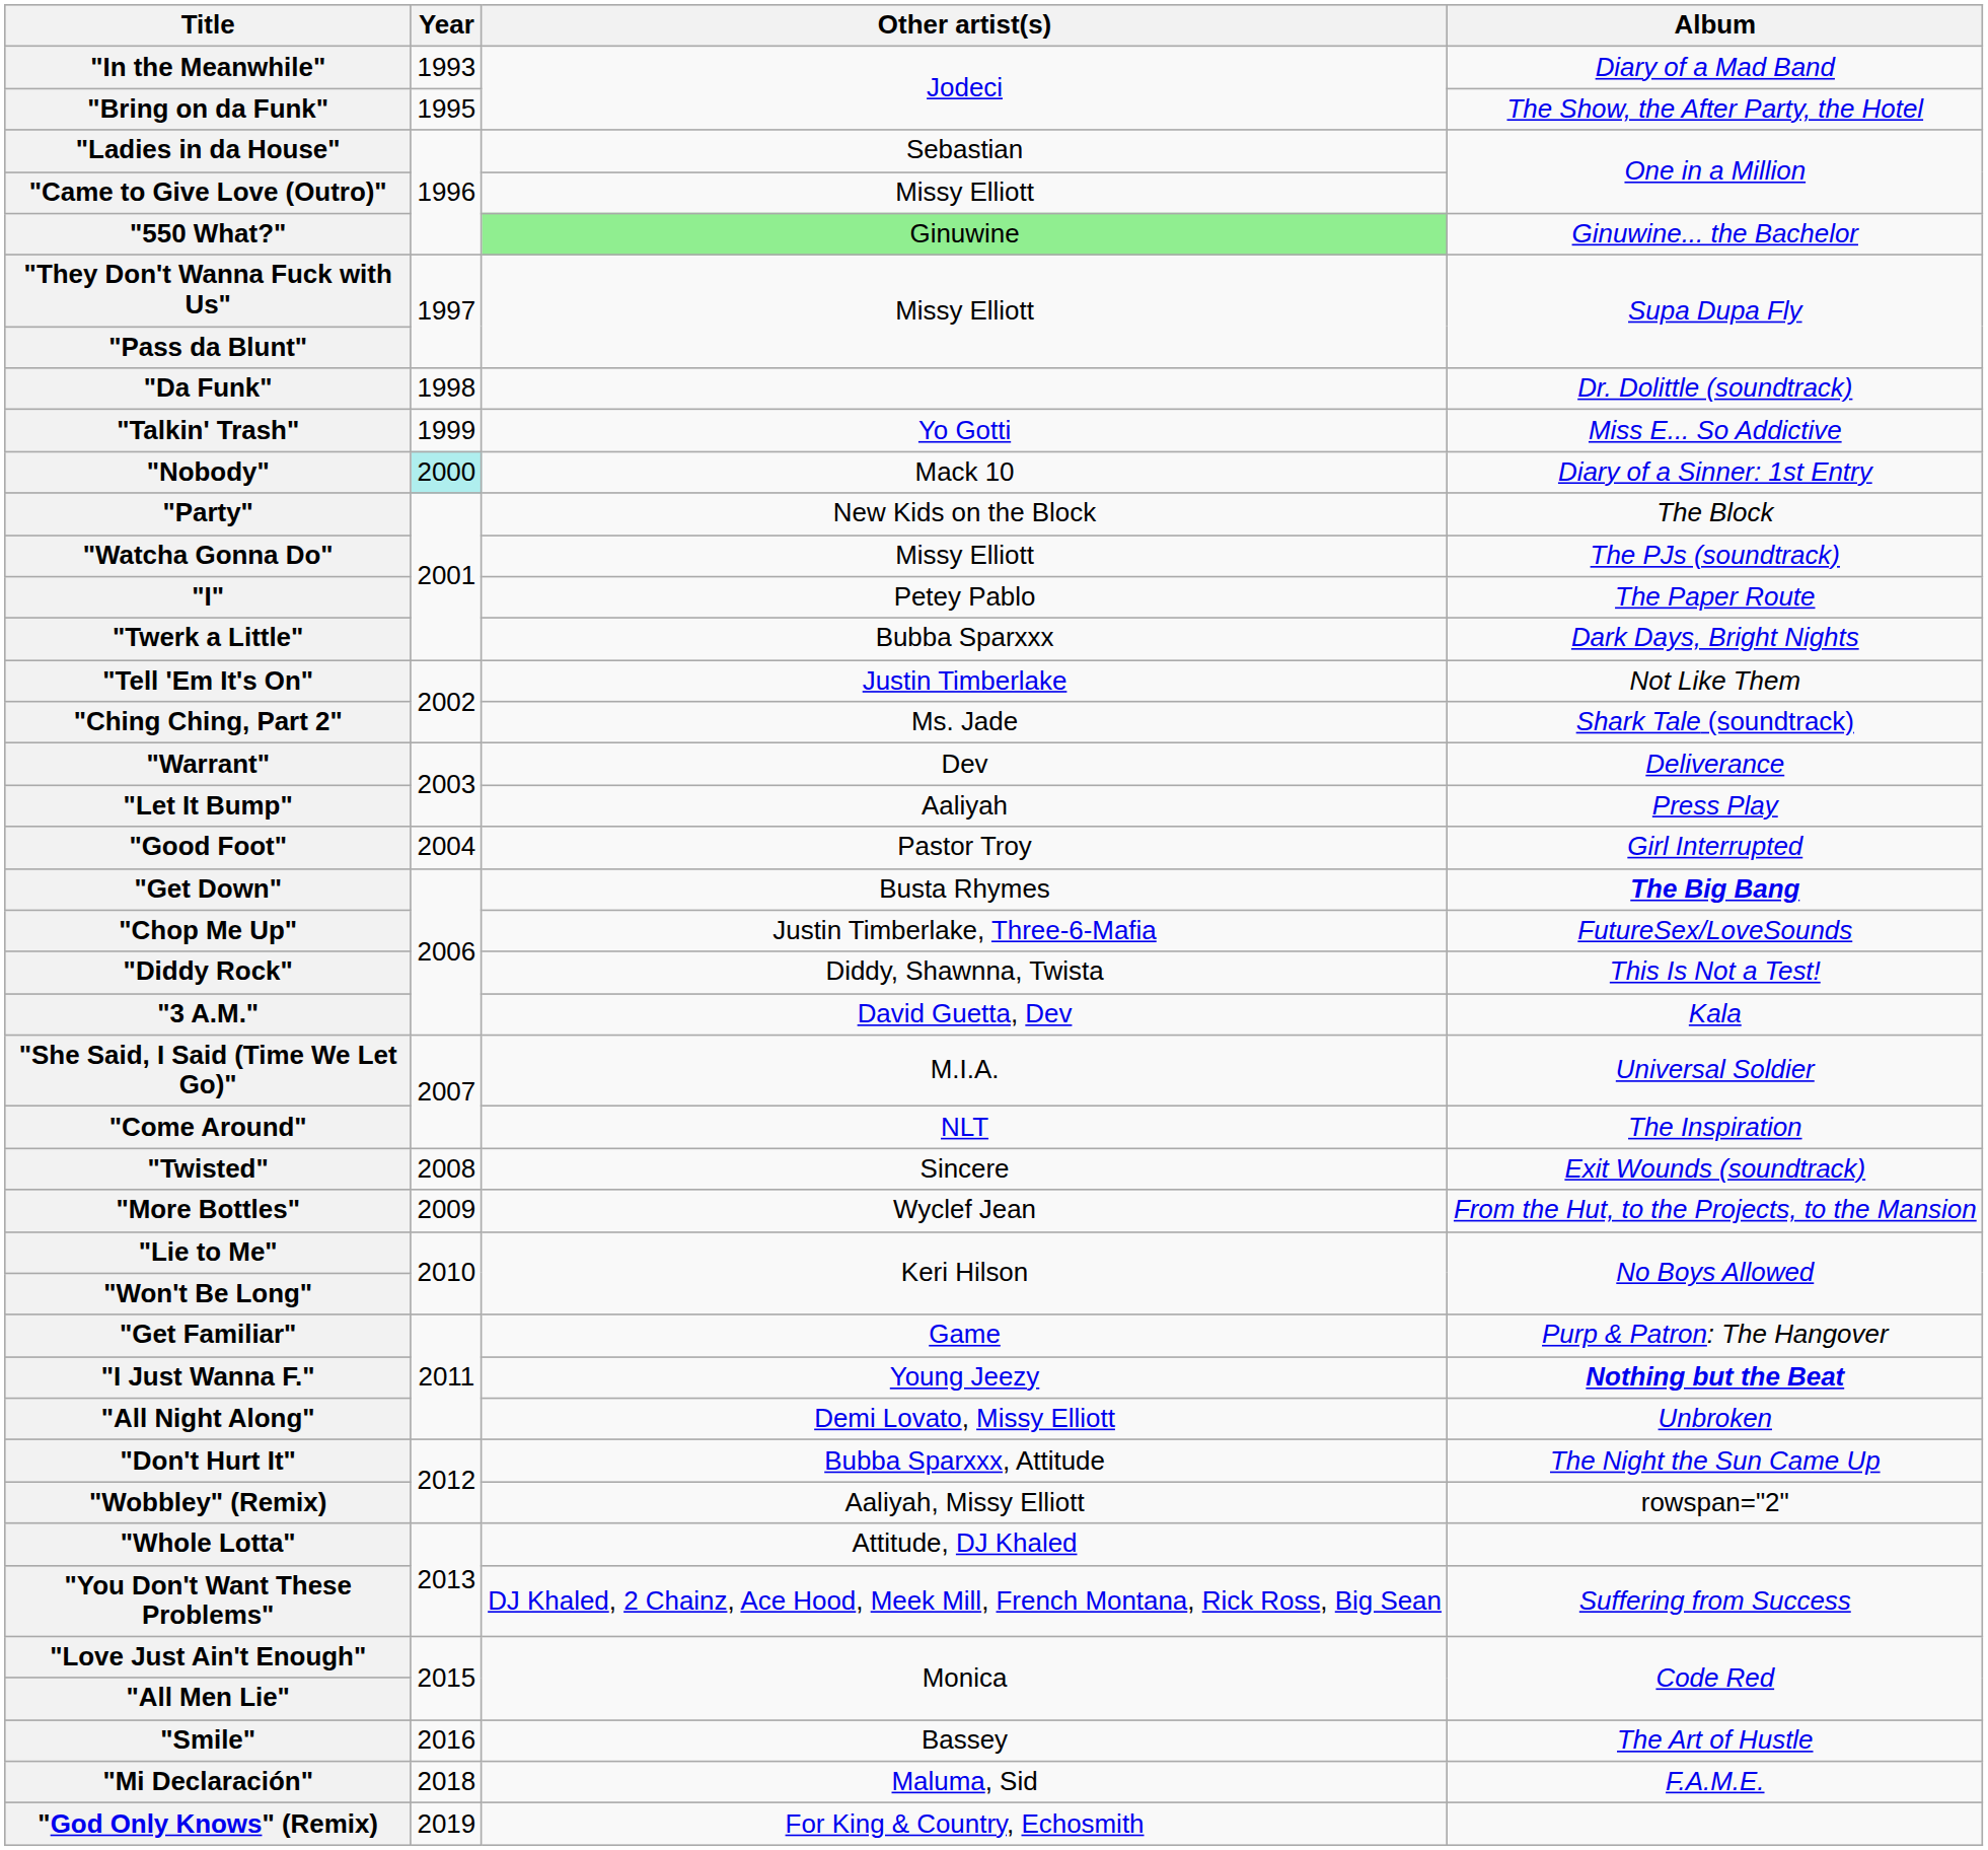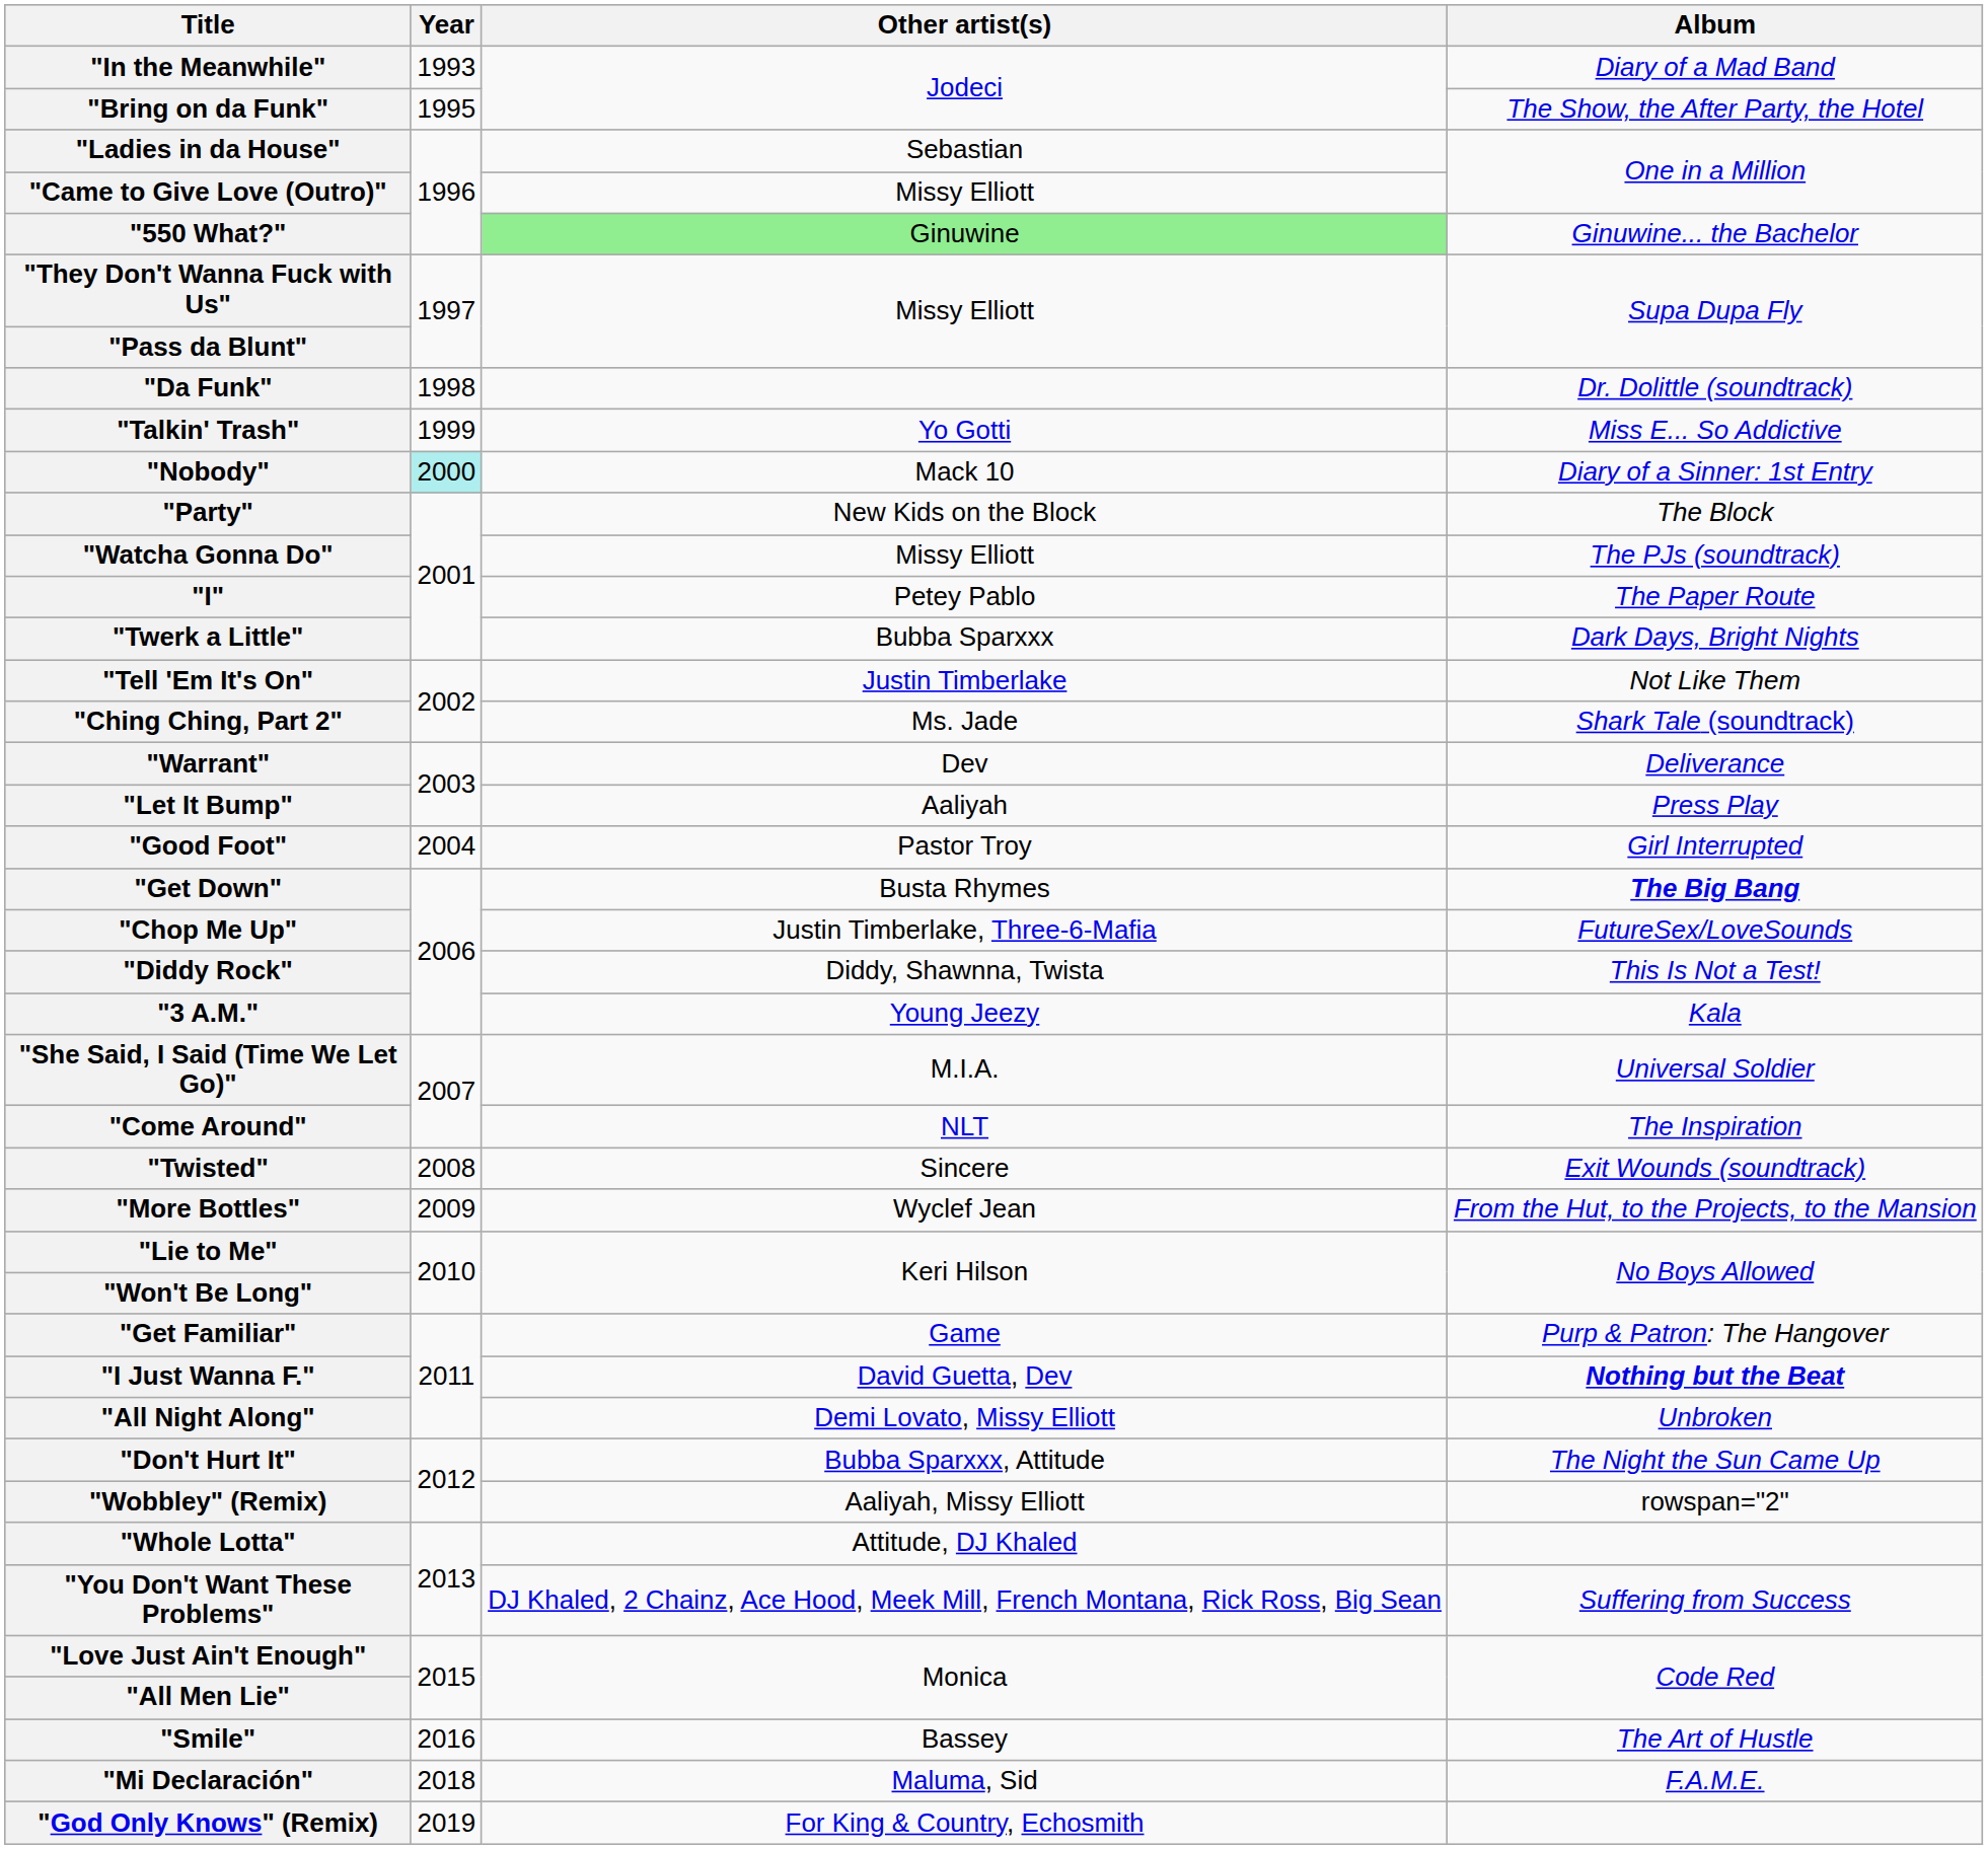 <table class="wikitable plainrowheaders" style="text-align:center;">
 <tr>
 <th scope="col" style="width:15em;">Title</th>
 <th scope="col">Year</th>
 <th scope="col">Other artist(s)</th>
 <th scope="col">Album</th>
 </tr>
 <tr>
 <th>"In the Meanwhile"</th>
 <td>1993</td>
 <td rowspan="2"><a href='#'>Jodeci</a></td>
 <td><a href='#'><em>Diary of a Mad Band</em></a></td>
 </tr>
 <tr>
 <th>"Bring on da Funk"</th>
 <td>1995</td>
 <td><a href='#'><em>The Show, the After Party, the Hotel</em></a></td>
 </tr>
 <tr>
 <th>"Ladies in da House"</th>
 <td rowspan="3">1996</td>
 <td>Sebastian</td>
 <td rowspan="2"><a href='#'><em>One in a Million</em></a></td>
 </tr>
 <tr>
 <th>"Came to Give Love (Outro)"</th>
 <td>Missy Elliott</td>
 </tr>
 <tr>
 <th>"550 What?"</th>
 <td style="background: lightgreen;">Ginuwine</td>
 <td><a href='#'><em>Ginuwine... the Bachelor</em></a></td>
 </tr>
 <tr>
 <th>"They Don't Wanna Fuck with Us"</th>
 <td rowspan="2">1997</td>
 <td rowspan="2">Missy Elliott</td>
 <td rowspan="2"><a href='#'><em>Supa Dupa Fly</em></a></td>
 </tr>
 <tr>
 <th>"Pass da Blunt"</th>
 </tr>
 <tr>
 <th>"Da Funk"</th>
 <td>1998</td>
 <td></td>
 <td><a href='#'><em>Dr. Dolittle (soundtrack)</em></a></td>
 </tr>
 <tr>
 <th>"Talkin' Trash"</th>
 <td>1999</td>
 <td><a href='#'>Yo Gotti</a></td>
 <td><a href='#'><em>Miss E... So Addictive</em></a></td>
 </tr>
 <tr>
 <th>"Nobody"</th>
 <td style="background: paleturquoise;">2000</td>
 <td>Mack 10</td>
 <td><a href='#'><em>Diary of a Sinner: 1st Entry</em></a></td>
 </tr>
 <tr>
 <th>"Party"</th>
 <td rowspan="4">2001</td>
 <td>New Kids on the Block</td>
 <td><em>The Block</em></td>
 </tr>
 <tr>
 <th>"Watcha Gonna Do"</th>
 <td>Missy Elliott</td>
 <td><a href='#'><em>The PJs (soundtrack)</em></a></td>
 </tr>
 <tr>
 <th>"I"</th>
 <td>Petey Pablo</td>
 <td><a href='#'><em>The Paper Route</em></a></td>
 </tr>
 <tr>
 <th>"Twerk a Little"</th>
 <td>Bubba Sparxxx</td>
 <td><a href='#'><em>Dark Days, Bright Nights</em></a></td>
 </tr>
 <tr>
 <th>"Tell 'Em It's On"</th>
 <td rowspan="2">2002</td>
 <td><a href='#'>Justin Timberlake</a></td>
 <td><em>Not Like Them</em></td>
 </tr>
 <tr>
 <th>"Ching Ching, Part 2"</th>
 <td>Ms. Jade</td>
 <td><a href='#'><em>Shark Tale</em> (soundtrack)</a></td>
 </tr>
 <tr>
 <th scope="row">"Warrant"</th>
 <td rowspan="2">2003</td>
 <td>Dev</td>
 <td><em><a href='#'>Deliverance</a></em></td>
 </tr>
 <tr>
 <th>"Let It Bump"</th>
 <td>Aaliyah</td>
 <td><a href='#'><em>Press Play</em></a></td>
 </tr>
 <tr>
 <th scope="row">"Good Foot"</th>
 <td>2004</td>
 <td>Pastor Troy</td>
 <td><a href='#'><em>Girl Interrupted</em></a></td>
 </tr>
 <tr>
 <th>"Get Down"</th>
 <td rowspan="4">2006</td>
 <td>Busta Rhymes</td>
 <td><strong><a href='#'><em>The Big Bang</em></a></strong></td>
 </tr>
 <tr>
 <th scope="row">"Chop Me Up"</th>
 <td>Justin Timberlake, <a href='#'>Three-6-Mafia</a></td>
 <td><em><a href='#'>FutureSex/LoveSounds</a></em></td>
 </tr>
 <tr>
 <th>"Diddy Rock"</th>
 <td>Diddy, Shawnna, Twista</td>
 <td><a href='#'><em>This Is Not a Test!</em></a></td>
 </tr>
 <tr>
 <th scope="row">"3 A.M."</th>
-<td><a href='#'>David Guetta</a>, <a href='#'>Dev</a></td>
+<td><a href='#'>Young Jeezy</a></td>
 <td><a href='#'><em>Kala</em></a></td>
 </tr>
 <tr>
 <th scope="row">"She Said, I Said (Time We Let Go)"</th>
 <td rowspan="2">2007</td>
 <td>M.I.A.</td>
 <td><a href='#'><em>Universal Soldier</em></a></td>
 </tr>
 <tr>
 <th>"Come Around"</th>
 <td><a href='#'>NLT</a></td>
 <td><em><a href='#'>The Inspiration</a></em></td>
 </tr>
 <tr>
 <th>"Twisted"</th>
 <td>2008</td>
 <td>Sincere</td>
 <td><a href='#'><em>Exit Wounds (soundtrack)</em></a></td>
 </tr>
 <tr>
 <th>"More Bottles"</th>
 <td>2009</td>
 <td>Wyclef Jean</td>
 <td><a href='#'><em>From the Hut, to the Projects, to the Mansion</em></a></td>
 </tr>
 <tr>
 <th>"Lie to Me"</th>
 <td rowspan="2">2010</td>
 <td rowspan="2">Keri Hilson</td>
 <td rowspan="2"><a href='#'><em>No Boys Allowed</em></a></td>
 </tr>
 <tr>
 <th>"Won't Be Long"</th>
 </tr>
 <tr>
 <th scope="row">"Get Familiar"</th>
 <td rowspan="3">2011</td>
 <td><a href='#'>Game</a></td>
 <td><em><a href='#'>Purp & Patron</a>: The Hangover</em></td>
 </tr>
 <tr>
 <th scope="row">"I Just Wanna F."</th>
-<td><a href='#'>Young Jeezy</a></td>
+<td><a href='#'>David Guetta</a>, <a href='#'>Dev</a></td>
 <td><strong><em><a href='#'>Nothing but the Beat</a></em></strong></td>
 </tr>
 <tr>
 <th scope="row">"All Night Along"</th>
 <td><a href='#'>Demi Lovato</a>, <a href='#'>Missy Elliott</a></td>
 <td><em><a href='#'>Unbroken</a></em></td>
 </tr>
 <tr>
 <th scope="row">"Don't Hurt It"</th>
 <td rowspan="2">2012</td>
 <td><a href='#'>Bubba Sparxxx</a>, Attitude</td>
 <td><em><a href='#'>The Night the Sun Came Up</a></em></td>
 </tr>
 <tr>
 <th scope="row">"Wobbley" (Remix)</th>
 <td>Aaliyah, Missy Elliott</td>
 <td>rowspan="2" </td>
 </tr>
 <tr>
 <th scope="row">"Whole Lotta"</th>
 <td rowspan="2">2013</td>
 <td>Attitude, <a href='#'>DJ Khaled</a></td>
 </tr>
 <tr>
 <th scope="row">"You Don't Want These Problems"</th>
 <td><a href='#'>DJ Khaled</a>, <a href='#'>2 Chainz</a>, <a href='#'>Ace Hood</a>, <a href='#'>Meek Mill</a>, <a href='#'>French Montana</a>, <a href='#'>Rick Ross</a>, <a href='#'>Big Sean</a></td>
 <td><em><a href='#'>Suffering from Success</a></em></td>
 </tr>
 <tr>
 <th>"Love Just Ain't Enough"</th>
 <td rowspan="2">2015</td>
 <td rowspan="2">Monica</td>
 <td rowspan="2"><a href='#'><em>Code Red</em></a></td>
 </tr>
 <tr>
 <th>"All Men Lie"</th>
 </tr>
 <tr>
 <th>"Smile"</th>
 <td>2016</td>
 <td>Bassey</td>
 <td><a href='#'><em>The Art of Hustle</em></a></td>
 </tr>
 <tr>
 <th scope="row">"Mi Declaración"</th>
 <td>2018</td>
 <td><a href='#'>Maluma</a>, Sid</td>
 <td><em><a href='#'>F.A.M.E.</a></em></td>
 </tr>
 <tr>
 <th scope="row">"<a href='#'>God Only Knows</a>" (Remix)</th>
 <td>2019</td>
 <td><a href='#'>For King & Country</a>, <a href='#'>Echosmith</a></td>
 <td></td>
 </tr>
 </table>
